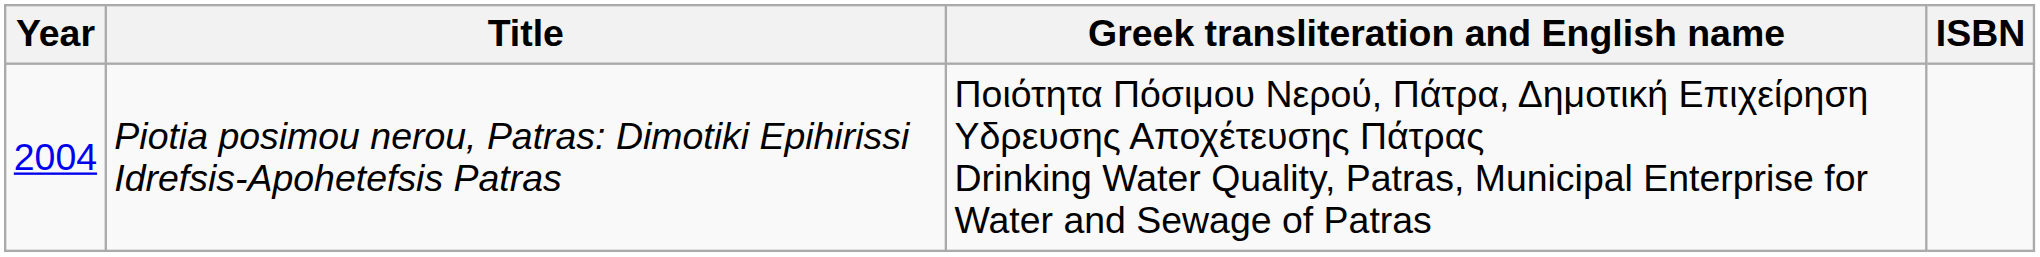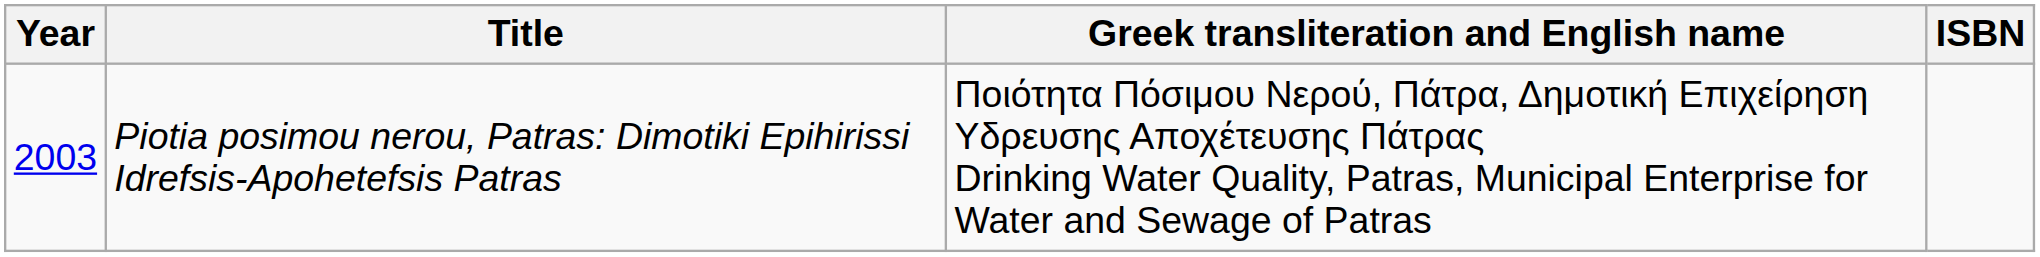 <table class="wikitable">
 <tr>
 <th>Year</th>
 <th>Title</th>
 <th>Greek  transliteration and English name</th>
 <th>ISBN</th>
 </tr>
 <tr>
-<td><a href='#'>2004</a></td>
+<td><a href='#'>2003</a></td>
 <td><em>Piotia posimou nerou, Patras: Dimotiki Epihirissi Idrefsis-Apohetefsis Patras</em></td>
 <td>Ποιότητα Πόσιμου Νερού, Πάτρα, Δημοτική Επιχείρηση Υδρευσης Αποχέτευσης Πάτρας<br>Drinking Water Quality, Patras, Municipal Enterprise for Water and Sewage of Patras</td>
 <td></td>
 </tr>
 </table>
